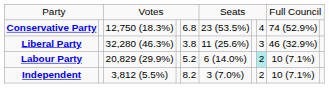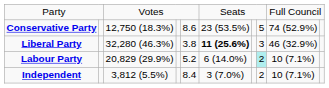 <table class=wikitable style="text-align:center;">
 <tr>
 <td colspan=2>Party</td>
 <td colspan=3>Votes</td>
 <td colspan=3>Seats</td>
 <td colspan=3>Full Council</td>
 </tr>
 <tr>
 <td><strong><a href='#'>Conservative Party</a></strong></td>
 <td style="background:"></td>
 <td>12,750 (18.3%)</td>
 <td></td>
-<td> 6.8</td>
+<td> 8.6</td>
 <td>23 (53.5%)</td>
 <td></td>
-<td> 4</td>
+<td> 5</td>
 <td>74 (52.9%)</td>
 <td></td>
 </tr>
 <tr>
 <td><strong><a href='#'>Liberal Party</a></strong></td>
 <td style="background:"></td>
 <td>32,280 (46.3%)</td>
 <td></td>
 <td> 3.8</td>
-<td>11 (25.6%)</td>
+<td><strong>11 (25.6%)</strong></td>
 <td></td>
 <td> 3</td>
 <td>46 (32.9%)</td>
 <td></td>
 </tr>
 <tr>
 <td><strong><a href='#'>Labour Party</a></strong></td>
 <td style="background:"></td>
 <td>20,829 (29.9%)</td>
 <td></td>
 <td> 5.2</td>
 <td>6 (14.0%)</td>
 <td></td>
 <td style="background: paleturquoise;"> 2</td>
 <td>10 (7.1%)</td>
 <td></td>
 </tr>
 <tr>
 <td><strong><a href='#'>Independent</a></strong></td>
 <td style="background:"></td>
 <td>3,812 (5.5%)</td>
 <td></td>
-<td> 8.2</td>
+<td> 8.4</td>
 <td>3 (7.0%)</td>
 <td></td>
 <td> 2</td>
 <td>10 (7.1%)</td>
 <td></td>
 </tr>
 </table>
